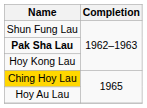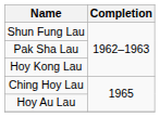 <table class="wikitable" style="text-align: center">
 <tr>
 <th>Name</th>
 <th>Completion</th>
 </tr>
 <tr>
 <td>Shun Fung Lau</td>
 <td rowspan="3">1962–1963</td>
 </tr>
 <tr>
-<td><strong>Pak Sha Lau</strong></td>
+<td>Pak Sha Lau</td>
 </tr>
 <tr>
 <td>Hoy Kong Lau</td>
 </tr>
 <tr>
-<td style="background: gold;">Ching Hoy Lau</td>
+<td>Ching Hoy Lau</td>
 <td rowspan="2">1965</td>
 </tr>
 <tr>
 <td>Hoy Au Lau</td>
 </tr>
 <tr>
 </tr>
 </table>
